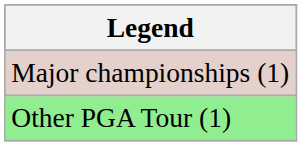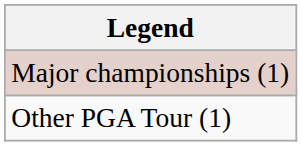 <table class="wikitable" style="font-size:95%;">
 <tr>
 <th>Legend</th>
 </tr>
 <tr style="background:#e5d1cb;">
 <td>Major championships (1)</td>
 </tr>
 <tr>
-<td style="background: lightgreen;">Other PGA Tour (1)</td>
+<td>Other PGA Tour (1)</td>
 </tr>
 </table>
